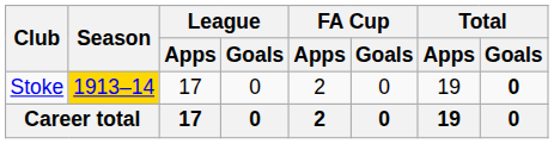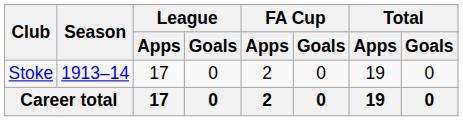 <table class="wikitable" style="text-align: center;">
 <tr>
 <th rowspan="2">Club</th>
 <th rowspan="2">Season</th>
 <th colspan="2">League</th>
 <th colspan="2">FA Cup</th>
 <th colspan="2">Total</th>
 </tr>
 <tr>
 <th>Apps</th>
 <th>Goals</th>
 <th>Apps</th>
 <th>Goals</th>
 <th>Apps</th>
 <th>Goals</th>
 </tr>
 <tr>
 <td><a href='#'>Stoke</a></td>
-<td style="background: gold;"><a href='#'>1913–14</a></td>
+<td><a href='#'>1913–14</a></td>
 <td>17</td>
 <td>0</td>
 <td>2</td>
 <td>0</td>
 <td>19</td>
-<td><strong>0</strong></td>
+<td>0</td>
 </tr>
 <tr>
 <th colspan="2">Career total</th>
 <th>17</th>
 <th>0</th>
 <th>2</th>
 <th>0</th>
 <th>19</th>
 <th>0</th>
 </tr>
 </table>
